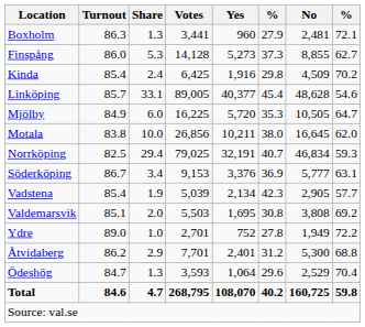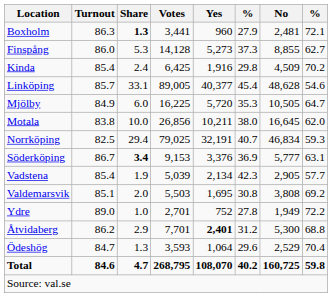 <table class="wikitable sortable" style=text-align:right>
 <tr>
 <th>Location</th>
 <th>Turnout</th>
 <th>Share</th>
 <th>Votes</th>
 <th>Yes</th>
 <th>%</th>
 <th>No</th>
 <th>%</th>
 </tr>
 <tr>
 <td align=left><a href='#'>Boxholm</a></td>
 <td>86.3</td>
-<td>1.3</td>
+<td><strong>1.3</strong></td>
 <td>3,441</td>
 <td>960</td>
 <td>27.9</td>
 <td>2,481</td>
 <td>72.1</td>
 </tr>
 <tr>
 <td align=left><a href='#'>Finspång</a></td>
 <td>86.0</td>
 <td>5.3</td>
 <td>14,128</td>
 <td>5,273</td>
 <td>37.3</td>
 <td>8,855</td>
 <td>62.7</td>
 </tr>
 <tr>
 <td align=left><a href='#'>Kinda</a></td>
 <td>85.4</td>
 <td>2.4</td>
 <td>6,425</td>
 <td>1,916</td>
 <td>29.8</td>
 <td>4,509</td>
 <td>70.2</td>
 </tr>
 <tr>
 <td align=left><a href='#'>Linköping</a></td>
 <td>85.7</td>
 <td>33.1</td>
 <td>89,005</td>
 <td>40,377</td>
 <td>45.4</td>
 <td>48,628</td>
 <td>54.6</td>
 </tr>
 <tr>
 <td align=left><a href='#'>Mjölby</a></td>
 <td>84.9</td>
 <td>6.0</td>
 <td>16,225</td>
 <td>5,720</td>
 <td>35.3</td>
 <td>10,505</td>
 <td>64.7</td>
 </tr>
 <tr>
 <td align=left><a href='#'>Motala</a></td>
 <td>83.8</td>
 <td>10.0</td>
 <td>26,856</td>
 <td>10,211</td>
 <td>38.0</td>
 <td>16,645</td>
 <td>62.0</td>
 </tr>
 <tr>
 <td align=left><a href='#'>Norrköping</a></td>
 <td>82.5</td>
 <td>29.4</td>
 <td>79,025</td>
 <td>32,191</td>
 <td>40.7</td>
 <td>46,834</td>
 <td>59.3</td>
 </tr>
 <tr>
 <td align=left><a href='#'>Söderköping</a></td>
 <td>86.7</td>
-<td>3.4</td>
+<td><strong>3.4</strong></td>
 <td>9,153</td>
 <td>3,376</td>
 <td>36.9</td>
 <td>5,777</td>
 <td>63.1</td>
 </tr>
 <tr>
 <td align=left><a href='#'>Vadstena</a></td>
 <td>85.4</td>
 <td>1.9</td>
 <td>5,039</td>
 <td>2,134</td>
 <td>42.3</td>
 <td>2,905</td>
 <td>57.7</td>
 </tr>
 <tr>
 <td align=left><a href='#'>Valdemarsvik</a></td>
 <td>85.1</td>
 <td>2.0</td>
 <td>5,503</td>
 <td>1,695</td>
 <td>30.8</td>
 <td>3,808</td>
 <td>69.2</td>
 </tr>
 <tr>
 <td align=left><a href='#'>Ydre</a></td>
 <td>89.0</td>
 <td>1.0</td>
 <td>2,701</td>
 <td>752</td>
 <td>27.8</td>
 <td>1,949</td>
 <td>72.2</td>
 </tr>
 <tr>
 <td align=left><a href='#'>Åtvidaberg</a></td>
 <td>86.2</td>
 <td>2.9</td>
 <td>7,701</td>
-<td>2,401</td>
+<td><strong>2,401</strong></td>
 <td>31.2</td>
 <td>5,300</td>
 <td>68.8</td>
 </tr>
 <tr>
 <td align=left><a href='#'>Ödeshög</a></td>
 <td>84.7</td>
 <td>1.3</td>
 <td>3,593</td>
 <td>1,064</td>
 <td>29.6</td>
 <td>2,529</td>
 <td>70.4</td>
 </tr>
 <tr>
 <td align=left><strong>Total</strong></td>
 <td><strong>84.6</strong></td>
 <td><strong>4.7</strong></td>
 <td><strong>268,795</strong></td>
 <td><strong>108,070</strong></td>
 <td><strong>40.2</strong></td>
 <td><strong>160,725</strong></td>
 <td><strong>59.8</strong></td>
 </tr>
 <tr>
 <td align=left colspan=8>Source: val.se </td>
 </tr>
 </table>
